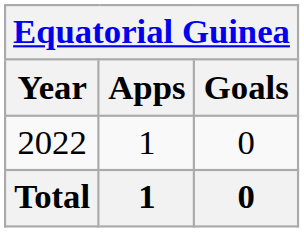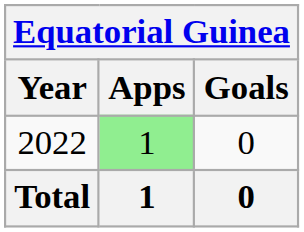 <table class="wikitable" style="text-align:center">
 <tr>
 <th colspan=3><a href='#'>Equatorial Guinea</a></th>
 </tr>
 <tr>
 <th>Year</th>
 <th>Apps</th>
 <th>Goals</th>
 </tr>
 <tr>
 <td>2022</td>
-<td>1</td>
+<td style="background: lightgreen;">1</td>
 <td>0</td>
 </tr>
 <tr>
 <th>Total</th>
 <th>1</th>
 <th>0</th>
 </tr>
 </table>
